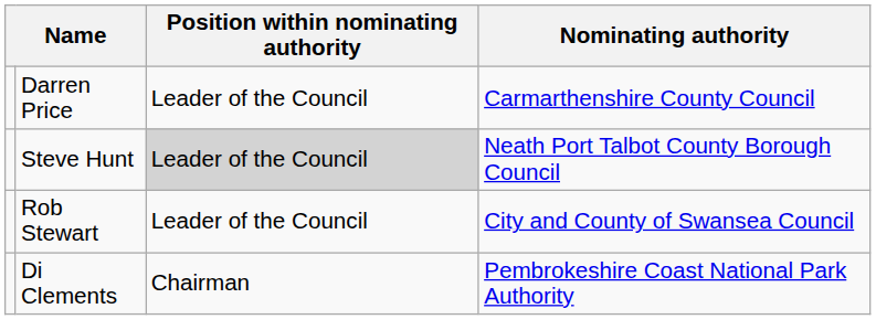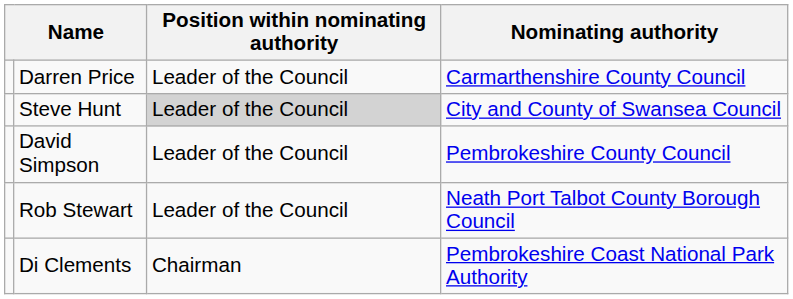 <table class="wikitable sortable">
 <tr>
 <th colspan=2>Name</th>
 <th>Position within nominating authority</th>
 <th>Nominating authority</th>
 </tr>
 <tr>
 <td style="background:"></td>
 <td>Darren Price</td>
 <td>Leader of the Council</td>
 <td><a href='#'>Carmarthenshire County Council</a></td>
 </tr>
 <tr>
 <td style="background:"></td>
 <td>Steve Hunt</td>
 <td style="background: lightgrey;">Leader of the Council</td>
-<td><a href='#'>Neath Port Talbot County Borough Council</a></td>
+<td><a href='#'>City and County of Swansea Council</a></td>
+</tr>
+<tr>
+<td style="background:"></td>
+<td>David Simpson</td>
+<td>Leader of the Council</td>
+<td><a href='#'>Pembrokeshire County Council</a></td>
 </tr>
 <tr>
 <td style="background:"></td>
 <td>Rob Stewart</td>
 <td>Leader of the Council</td>
-<td><a href='#'>City and County of Swansea Council</a></td>
+<td><a href='#'>Neath Port Talbot County Borough Council</a></td>
 </tr>
 <tr>
 <td style="background:"></td>
 <td>Di Clements</td>
 <td>Chairman</td>
 <td><a href='#'>Pembrokeshire Coast National Park Authority</a></td>
 </tr>
 </table>
